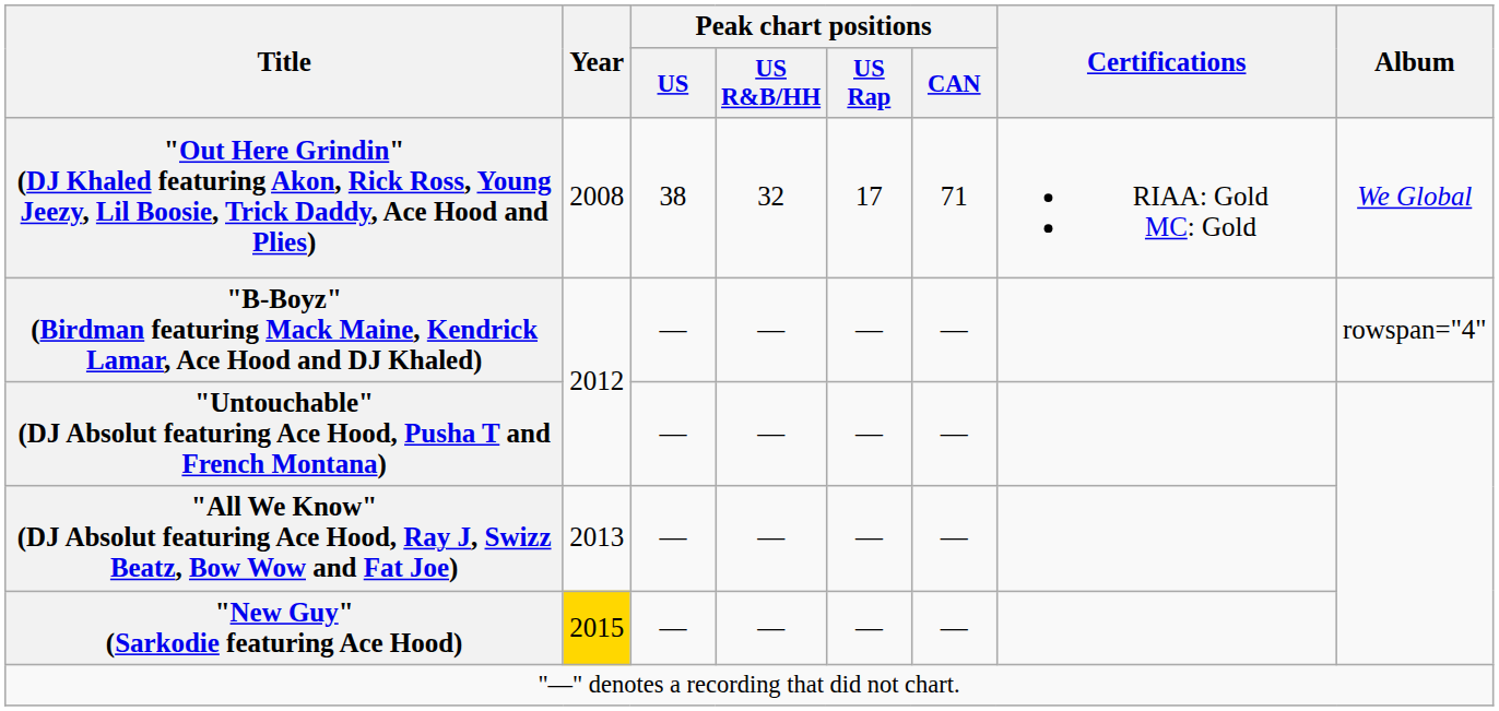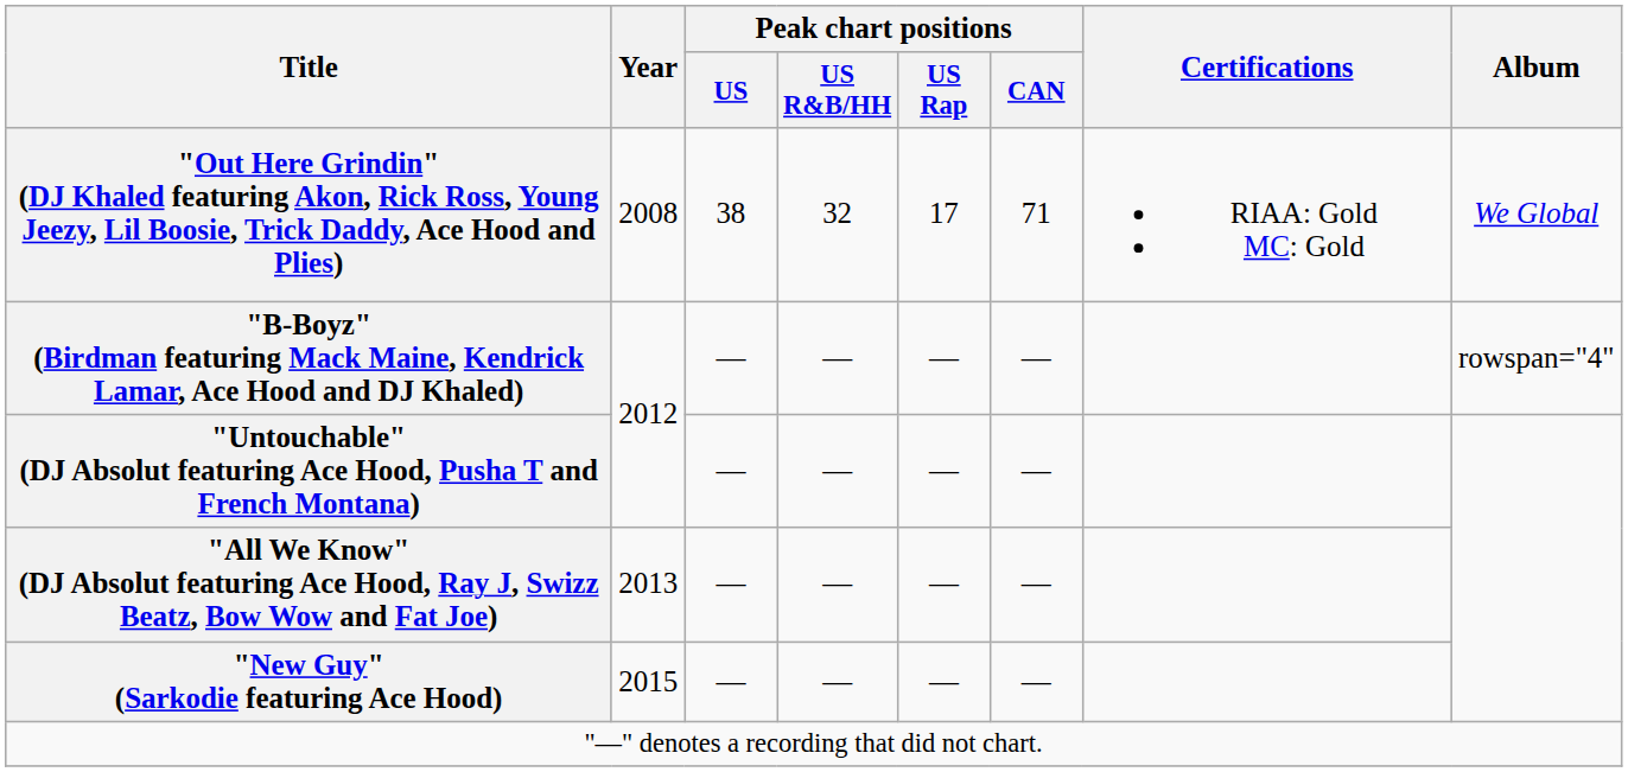 <table class="wikitable plainrowheaders" style="text-align:center;">
 <tr>
 <th scope="col" rowspan="2" style="width:20em;">Title</th>
 <th scope="col" rowspan="2">Year</th>
 <th scope="col" colspan="4">Peak chart positions</th>
 <th scope="col" rowspan="2" style="width:12em;"><a href='#'>Certifications</a></th>
 <th scope="col" rowspan="2">Album</th>
 </tr>
 <tr>
 <th scope="col" style="width:3em;font-size:90%;"><a href='#'>US</a><br></th>
 <th scope="col" style="width:3em;font-size:90%;"><a href='#'>US <br>R&B/HH</a><br></th>
 <th scope="col" style="width:3em;font-size:90%;"><a href='#'>US<br>Rap</a><br></th>
 <th scope="col" style="width:3em;font-size:90%;"><a href='#'>CAN</a><br></th>
 </tr>
 <tr>
 <th scope="row">"<a href='#'>Out Here Grindin</a>"<br><span>(<a href='#'>DJ Khaled</a> featuring <a href='#'>Akon</a>, <a href='#'>Rick Ross</a>, <a href='#'>Young Jeezy</a>, <a href='#'>Lil Boosie</a>, <a href='#'>Trick Daddy</a>, Ace Hood and <a href='#'>Plies</a>)</span></th>
 <td>2008</td>
 <td>38</td>
 <td>32</td>
 <td>17</td>
 <td>71</td>
 <td><br><ul><li>RIAA: Gold</li><li><a href='#'>MC</a>: Gold</li></ul></td>
 <td><em><a href='#'>We Global</a></em></td>
 </tr>
 <tr>
 <th scope="row">"B-Boyz" <br><span>(<a href='#'>Birdman</a> featuring <a href='#'>Mack Maine</a>, <a href='#'>Kendrick Lamar</a>, Ace Hood and DJ Khaled)</span></th>
 <td rowspan="2">2012</td>
 <td>—</td>
 <td>—</td>
 <td>—</td>
 <td>—</td>
 <td></td>
 <td>rowspan="4" </td>
 </tr>
 <tr>
 <th scope="row">"Untouchable"<br><span>(DJ Absolut featuring Ace Hood, <a href='#'>Pusha T</a> and <a href='#'>French Montana</a>)</span></th>
 <td>—</td>
 <td>—</td>
 <td>—</td>
 <td>—</td>
 <td></td>
 </tr>
 <tr>
 <th scope="row">"All We Know" <br><span>(DJ Absolut featuring Ace Hood, <a href='#'>Ray J</a>, <a href='#'>Swizz Beatz</a>, <a href='#'>Bow Wow</a> and <a href='#'>Fat Joe</a>)</span></th>
 <td>2013</td>
 <td>—</td>
 <td>—</td>
 <td>—</td>
 <td>—</td>
 <td></td>
 </tr>
 <tr>
 <th scope="row">"<a href='#'>New Guy</a>" <br><span>(<a href='#'>Sarkodie</a> featuring Ace Hood)</span></th>
-<td style="background: gold;">2015</td>
+<td>2015</td>
 <td>—</td>
 <td>—</td>
 <td>—</td>
 <td>—</td>
 <td></td>
 </tr>
 <tr>
 <td colspan="14" style="font-size:90%">"—" denotes a recording that did not chart.</td>
 </tr>
 </table>
